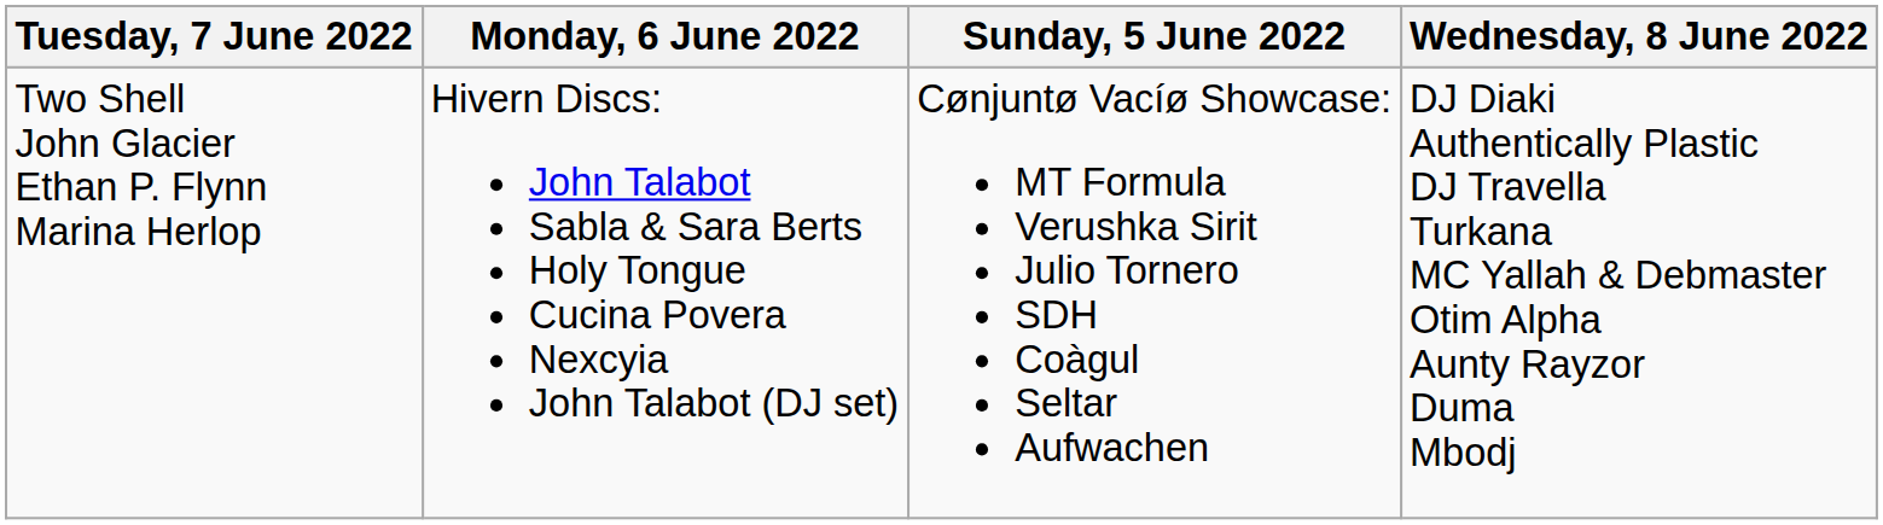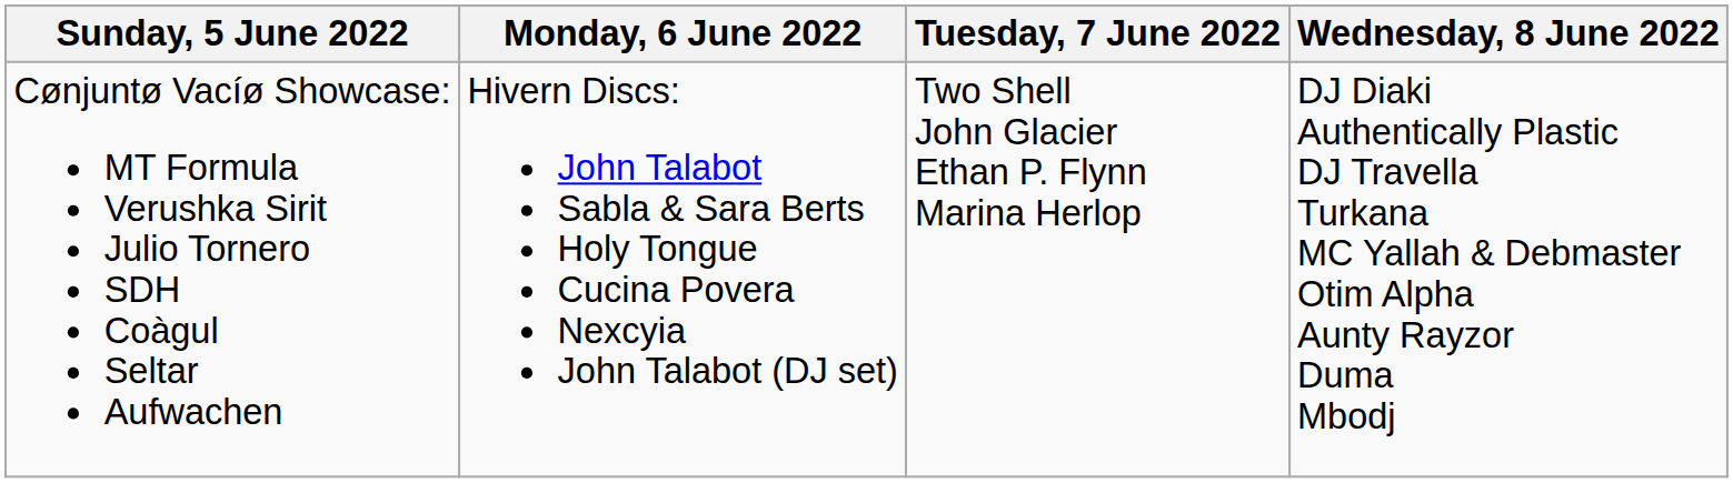 <table class="wikitable">
 <tr>
+<th>Sunday, 5 June 2022</th>
+<th>Monday, 6 June 2022</th>
 <th>Tuesday, 7 June 2022</th>
-<th>Monday, 6 June 2022</th>
-<th>Sunday, 5 June 2022</th>
 <th>Wednesday, 8 June 2022</th>
 </tr>
 <tr valign="top">
+<td>Cønjuntø Vacíø Showcase:<br><ul><li>MT Formula</li><li>Verushka Sirit</li><li>Julio Tornero</li><li>SDH</li><li>Coàgul</li><li>Seltar</li><li>Aufwachen</li></ul></td>
+<td>Hivern Discs:<br><ul><li><a href='#'>John Talabot</a></li><li>Sabla & Sara Berts</li><li>Holy Tongue</li><li>Cucina Povera</li><li>Nexcyia</li><li>John Talabot (DJ set)</li></ul></td>
 <td>Two Shell<br>John Glacier<br>Ethan P. Flynn<br>Marina Herlop</td>
-<td>Hivern Discs:<br><ul><li><a href='#'>John Talabot</a></li><li>Sabla & Sara Berts</li><li>Holy Tongue</li><li>Cucina Povera</li><li>Nexcyia</li><li>John Talabot (DJ set)</li></ul></td>
-<td>Cønjuntø Vacíø Showcase:<br><ul><li>MT Formula</li><li>Verushka Sirit</li><li>Julio Tornero</li><li>SDH</li><li>Coàgul</li><li>Seltar</li><li>Aufwachen</li></ul></td>
 <td>DJ Diaki<br>Authentically Plastic<br>DJ Travella<br>Turkana<br>MC Yallah & Debmaster<br>Otim Alpha<br>Aunty Rayzor<br>Duma<br>Mbodj</td>
 </tr>
 </table>
